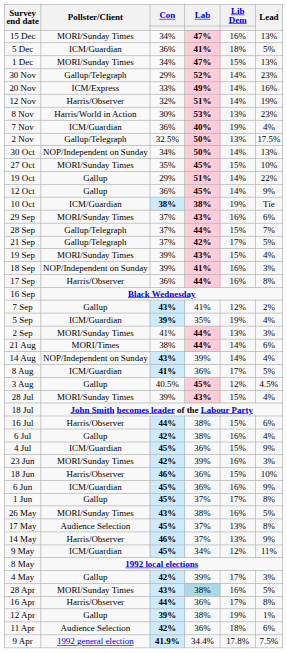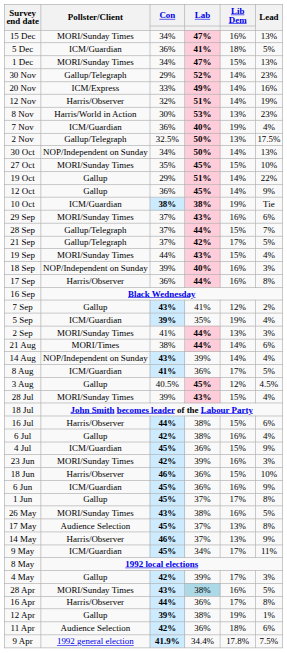 <table class="wikitable sortable mw-datatable" style="text-align:center;font-size:90%;line-height:14px;">
 <tr>
 <th rowspan="2">Survey<br>end date</th>
 <th rowspan="2">Pollster/Client</th>
 <th class="unsortable" style="width:50px;"><a href='#'>Con</a></th>
 <th class="unsortable" style="width:50px;"><a href='#'>Lab</a></th>
 <th class="unsortable" style="width:50px;"><a href='#'>Lib Dem</a></th>
 <th rowspan="2">Lead</th>
 </tr>
 <tr>
 <th style="background:"></th>
 <th style="background:"></th>
 <th style="background:"></th>
 </tr>
 <tr>
 <td>15 Dec</td>
 <td>MORI/Sunday Times</td>
 <td>34%</td>
 <td style="background:#FFCCDA;"><strong>47%</strong></td>
 <td>16%</td>
 <td style="background:">13%</td>
 </tr>
 <tr>
 <td>5 Dec</td>
 <td>ICM/Guardian</td>
 <td>36%</td>
 <td style="background:#FFCCDA;"><strong>41%</strong></td>
 <td>18%</td>
 <td style="background:">5%</td>
 </tr>
 <tr>
 <td>1 Dec</td>
 <td>MORI/Sunday Times</td>
 <td>34%</td>
 <td style="background:#FFCCDA;"><strong>47%</strong></td>
 <td>15%</td>
 <td style="background:">13%</td>
 </tr>
 <tr>
 <td>30 Nov</td>
 <td>Gallup/Telegraph</td>
 <td>29%</td>
 <td style="background:#FFCCDA;"><strong>52%</strong></td>
 <td>14%</td>
 <td style="background:">23%</td>
 </tr>
 <tr>
 <td>20 Nov</td>
 <td>ICM/Express</td>
 <td>33%</td>
 <td style="background:#FFCCDA;"><strong>49%</strong></td>
 <td>14%</td>
 <td style="background:">16%</td>
 </tr>
 <tr>
 <td>12 Nov</td>
 <td>Harris/Observer</td>
 <td>32%</td>
 <td style="background:#FFCCDA;"><strong>51%</strong></td>
 <td>14%</td>
 <td style="background:">19%</td>
 </tr>
 <tr>
 <td>8 Nov</td>
 <td>Harris/World in Action</td>
 <td>30%</td>
 <td style="background:#FFCCDA;"><strong>53%</strong></td>
 <td>13%</td>
 <td style="background:">23%</td>
 </tr>
 <tr>
 <td>7 Nov</td>
 <td>ICM/Guardian</td>
 <td>36%</td>
 <td style="background:#FFCCDA;"><strong>40%</strong></td>
 <td>19%</td>
 <td style="background:">4%</td>
 </tr>
 <tr>
 <td>2 Nov</td>
 <td>Gallup/Telegraph</td>
 <td>32.5%</td>
 <td style="background:#FFCCDA;"><strong>50%</strong></td>
 <td>13%</td>
 <td style="background:">17.5%</td>
 </tr>
 <tr>
 <td>30 Oct</td>
 <td>NOP/Independent on Sunday</td>
 <td>34%</td>
 <td style="background:#FFCCDA;"><strong>50%</strong></td>
 <td>14%</td>
 <td style="background:">13%</td>
 </tr>
 <tr>
 <td>27 Oct</td>
 <td>MORI/Sunday Times</td>
 <td>35%</td>
 <td style="background:#FFCCDA;"><strong>45%</strong></td>
 <td>15%</td>
 <td style="background:">10%</td>
 </tr>
 <tr>
 <td>19 Oct</td>
 <td>Gallup</td>
 <td>29%</td>
 <td style="background:#FFCCDA;"><strong>51%</strong></td>
 <td>14%</td>
 <td style="background:">22%</td>
 </tr>
 <tr>
 <td>12 Oct</td>
 <td>Gallup</td>
 <td>36%</td>
 <td style="background:#FFCCDA;"><strong>45%</strong></td>
 <td>14%</td>
 <td style="background:">9%</td>
 </tr>
 <tr>
 <td>10 Oct</td>
 <td>ICM/Guardian</td>
 <td style="background:#CCEBFF;"><strong>38%</strong></td>
 <td style="background:#FFCCDA;"><strong>38%</strong></td>
 <td>19%</td>
 <td>Tie</td>
 </tr>
 <tr>
 <td>29 Sep</td>
 <td>MORI/Sunday Times</td>
 <td>37%</td>
 <td style="background:#FFCCDA;"><strong>43%</strong></td>
 <td>16%</td>
 <td style="background:">6%</td>
 </tr>
 <tr>
 <td>28 Sep</td>
 <td>Gallup/Telegraph</td>
 <td>37%</td>
 <td style="background:#FFCCDA;"><strong>44%</strong></td>
 <td>15%</td>
 <td style="background:">7%</td>
 </tr>
 <tr>
 <td>21 Sep</td>
 <td>Gallup/Telegraph</td>
 <td>37%</td>
 <td style="background:#FFCCDA;"><strong>42%</strong></td>
 <td>17%</td>
 <td style="background:">5%</td>
 </tr>
 <tr>
 <td>19 Sep</td>
 <td>MORI/Sunday Times</td>
-<td>39%</td>
+<td>44%</td>
 <td style="background:#FFCCDA;"><strong>43%</strong></td>
 <td>15%</td>
 <td style="background:">4%</td>
 </tr>
 <tr>
 <td>18 Sep</td>
 <td>NOP/Independent on Sunday</td>
 <td>39%</td>
-<td style="background:#FFCCDA;"><strong>41%</strong></td>
+<td style="background:#FFCCDA;"><strong>40%</strong></td>
 <td>16%</td>
 <td style="background:">3%</td>
 </tr>
 <tr>
 <td>17 Sep</td>
 <td>Harris/Observer</td>
 <td>36%</td>
 <td style="background:#FFCCDA;"><strong>44%</strong></td>
 <td>16%</td>
 <td style="background:">8%</td>
 </tr>
 <tr>
 <td>16 Sep</td>
 <td colspan="5"><strong><a href='#'>Black Wednesday</a></strong></td>
 </tr>
 <tr>
 <td>7 Sep</td>
 <td>Gallup</td>
 <td style="background:#CCEBFF;"><strong>43%</strong></td>
 <td>41%</td>
 <td>12%</td>
 <td style="background:">2%</td>
 </tr>
 <tr>
 <td>5 Sep</td>
 <td>ICM/Guardian</td>
 <td style="background:#CCEBFF;"><strong>39%</strong></td>
 <td>35%</td>
 <td>19%</td>
 <td style="background:">4%</td>
 </tr>
 <tr>
 <td>2 Sep</td>
 <td>MORI/Sunday Times</td>
 <td>41%</td>
 <td style="background:#FFCCDA;"><strong>44%</strong></td>
 <td>13%</td>
 <td style="background:">3%</td>
 </tr>
 <tr>
 <td>21 Aug</td>
 <td>MORI/Times</td>
 <td>38%</td>
 <td style="background:#FFCCDA;"><strong>44%</strong></td>
 <td>14%</td>
 <td style="background:">6%</td>
 </tr>
 <tr>
 <td>14 Aug</td>
 <td>NOP/Independent on Sunday</td>
 <td style="background:#CCEBFF;"><strong>43%</strong></td>
 <td>39%</td>
 <td>14%</td>
 <td style="background:">4%</td>
 </tr>
 <tr>
 <td>8 Aug</td>
 <td>ICM/Guardian</td>
 <td style="background:#CCEBFF;"><strong>41%</strong></td>
 <td>36%</td>
 <td>17%</td>
 <td style="background:">5%</td>
 </tr>
 <tr>
 <td>3 Aug</td>
 <td>Gallup</td>
 <td>40.5%</td>
 <td style="background:#FFCCDA;"><strong>45%</strong></td>
 <td>12%</td>
 <td style="background:">4.5%</td>
 </tr>
 <tr>
 <td>28 Jul</td>
 <td>MORI/Sunday Times</td>
 <td>39%</td>
 <td style="background:#FFCCDA;"><strong>43%</strong></td>
 <td>15%</td>
 <td style="background:">4%</td>
 </tr>
 <tr>
 <td data-sort-value="1992-07-18">18 Jul</td>
 <td colspan="5" style="font-weight:bold;"><a href='#'>John Smith</a> <a href='#'>becomes leader</a> of the <a href='#'>Labour Party</a></td>
 </tr>
 <tr>
 <td>16 Jul</td>
 <td>Harris/Observer</td>
 <td style="background:#CCEBFF;"><strong>44%</strong></td>
 <td>38%</td>
 <td>15%</td>
 <td style="background:">6%</td>
 </tr>
 <tr>
 <td>6 Jul</td>
 <td>Gallup</td>
 <td style="background:#CCEBFF;"><strong>42%</strong></td>
 <td>38%</td>
 <td>16%</td>
 <td style="background:">4%</td>
 </tr>
 <tr>
 <td>4 Jul</td>
 <td>ICM/Guardian</td>
 <td style="background:#CCEBFF;"><strong>45%</strong></td>
 <td>36%</td>
 <td>15%</td>
 <td style="background:">9%</td>
 </tr>
 <tr>
 <td>23 Jun</td>
 <td>MORI/Sunday Times</td>
 <td style="background:#CCEBFF;"><strong>42%</strong></td>
 <td>39%</td>
 <td>16%</td>
 <td style="background:">3%</td>
 </tr>
 <tr>
 <td>18 Jun</td>
 <td>Harris/Observer</td>
 <td style="background:#CCEBFF;"><strong>46%</strong></td>
 <td>36%</td>
 <td>15%</td>
 <td style="background:">10%</td>
 </tr>
 <tr>
 <td>6 Jun</td>
 <td>ICM/Guardian</td>
 <td style="background:#CCEBFF;"><strong>45%</strong></td>
 <td>36%</td>
 <td>16%</td>
 <td style="background:">9%</td>
 </tr>
 <tr>
 <td>1 Jun</td>
 <td>Gallup</td>
 <td style="background:#CCEBFF;"><strong>45%</strong></td>
 <td>37%</td>
 <td>17%</td>
 <td style="background:">8%</td>
 </tr>
 <tr>
 <td>26 May</td>
 <td>MORI/Sunday Times</td>
 <td style="background:#CCEBFF;"><strong>43%</strong></td>
 <td>38%</td>
 <td>16%</td>
 <td style="background:">5%</td>
 </tr>
 <tr>
 <td>17 May</td>
 <td>Audience Selection</td>
 <td style="background:#CCEBFF;"><strong>45%</strong></td>
 <td>37%</td>
 <td>13%</td>
 <td style="background:">8%</td>
 </tr>
 <tr>
 <td>14 May</td>
 <td>Harris/Observer</td>
 <td style="background:#CCEBFF;"><strong>46%</strong></td>
 <td>37%</td>
 <td>13%</td>
 <td style="background:">9%</td>
 </tr>
 <tr>
 <td>9 May</td>
 <td>ICM/Guardian</td>
 <td style="background:#CCEBFF;"><strong>45%</strong></td>
 <td>34%</td>
-<td>12%</td>
+<td>17%</td>
 <td style="background:">11%</td>
 </tr>
 <tr>
 <td>8 May</td>
 <td colspan="5"><a href='#'><strong>1992 local elections</strong></a></td>
 </tr>
 <tr>
 <td>4 May</td>
 <td>Gallup</td>
 <td style="background:#CCEBFF;"><strong>42%</strong></td>
 <td>39%</td>
 <td>17%</td>
 <td style="background:">3%</td>
 </tr>
 <tr>
 <td>28 Apr</td>
 <td>MORI/Sunday Times</td>
 <td style="background:#CCEBFF;"><strong>43%</strong></td>
 <td style="background: lightblue;">38%</td>
 <td>16%</td>
 <td style="background:">5%</td>
 </tr>
 <tr>
 <td>16 Apr</td>
 <td>Harris/Observer</td>
 <td style="background:#CCEBFF;"><strong>44%</strong></td>
 <td>36%</td>
 <td>17%</td>
 <td style="background:">8%</td>
 </tr>
 <tr>
 <td>12 Apr</td>
 <td>Gallup</td>
 <td style="background:#CCEBFF;"><strong>39%</strong></td>
 <td>38%</td>
 <td>19%</td>
 <td style="background:">1%</td>
 </tr>
 <tr>
 <td>11 Apr</td>
 <td>Audience Selection</td>
 <td style="background:#CCEBFF;"><strong>42%</strong></td>
 <td>36%</td>
 <td>18%</td>
 <td style="background:">6%</td>
 </tr>
 <tr>
 <td>9 Apr</td>
 <td><a href='#'>1992 general election</a></td>
 <td style="background:#CCEBFF;"><strong>41.9%</strong></td>
 <td>34.4%</td>
 <td>17.8%</td>
 <td style="background:">7.5%</td>
 </tr>
 </table>
